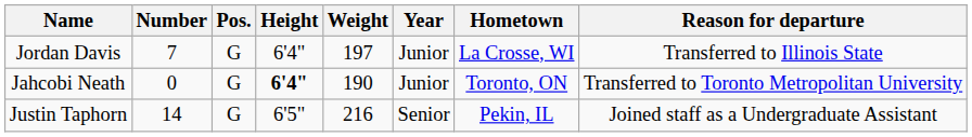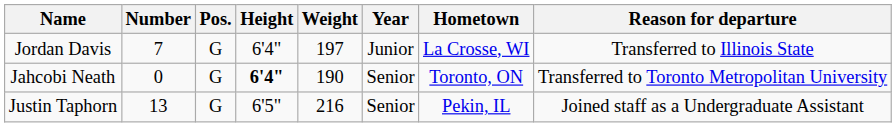 <table class="wikitable sortable" style="text-align: center">
 <tr align=center>
 <th>Name</th>
 <th>Number</th>
 <th>Pos.</th>
 <th>Height</th>
 <th>Weight</th>
 <th>Year</th>
 <th>Hometown</th>
 <th>Reason for departure</th>
 </tr>
 <tr>
 <td>Jordan Davis</td>
 <td>7</td>
 <td>G</td>
 <td>6'4"</td>
 <td>197</td>
 <td>Junior</td>
 <td><a href='#'>La Crosse, WI</a></td>
 <td>Transferred to <a href='#'>Illinois State</a></td>
 </tr>
 <tr>
 <td>Jahcobi Neath</td>
 <td>0</td>
 <td>G</td>
 <td><strong>6'4"</strong></td>
 <td>190</td>
-<td>Junior</td>
+<td>Senior</td>
 <td><a href='#'>Toronto, ON</a></td>
 <td>Transferred to <a href='#'>Toronto Metropolitan University</a></td>
 </tr>
 <tr>
 <td>Justin Taphorn</td>
-<td>14</td>
+<td>13</td>
 <td>G</td>
 <td>6'5"</td>
 <td>216</td>
 <td>Senior</td>
 <td><a href='#'>Pekin, IL</a></td>
 <td>Joined staff as a Undergraduate Assistant</td>
 </tr>
 </table>
